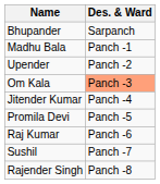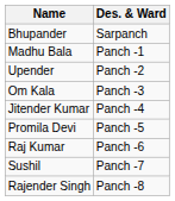 <table class="wikitable">
 <tr>
 <th>Name</th>
 <th>Des. & Ward</th>
 </tr>
 <tr>
 <td>Bhupander</td>
 <td>Sarpanch</td>
 </tr>
 <tr>
 <td>Madhu Bala</td>
 <td>Panch -1</td>
 </tr>
 <tr>
 <td>Upender</td>
 <td>Panch -2</td>
 </tr>
 <tr>
 <td>Om Kala</td>
-<td style="background: lightsalmon;">Panch -3</td>
+<td>Panch -3</td>
 </tr>
 <tr>
 <td>Jitender Kumar</td>
 <td>Panch -4</td>
 </tr>
 <tr>
 <td>Promila Devi</td>
 <td>Panch -5</td>
 </tr>
 <tr>
 <td>Raj Kumar</td>
 <td>Panch -6</td>
 </tr>
 <tr>
 <td>Sushil</td>
 <td>Panch -7</td>
 </tr>
 <tr>
 <td>Rajender Singh</td>
 <td>Panch -8</td>
 </tr>
 </table>
